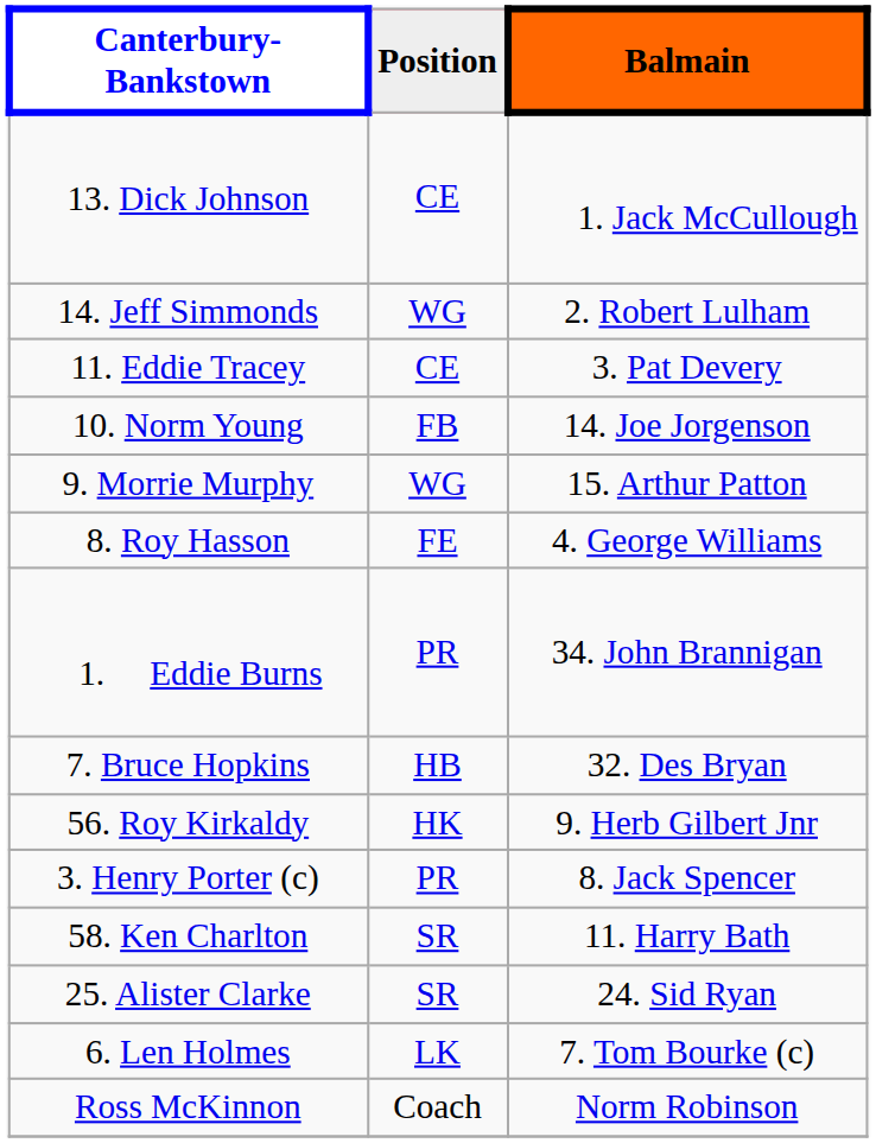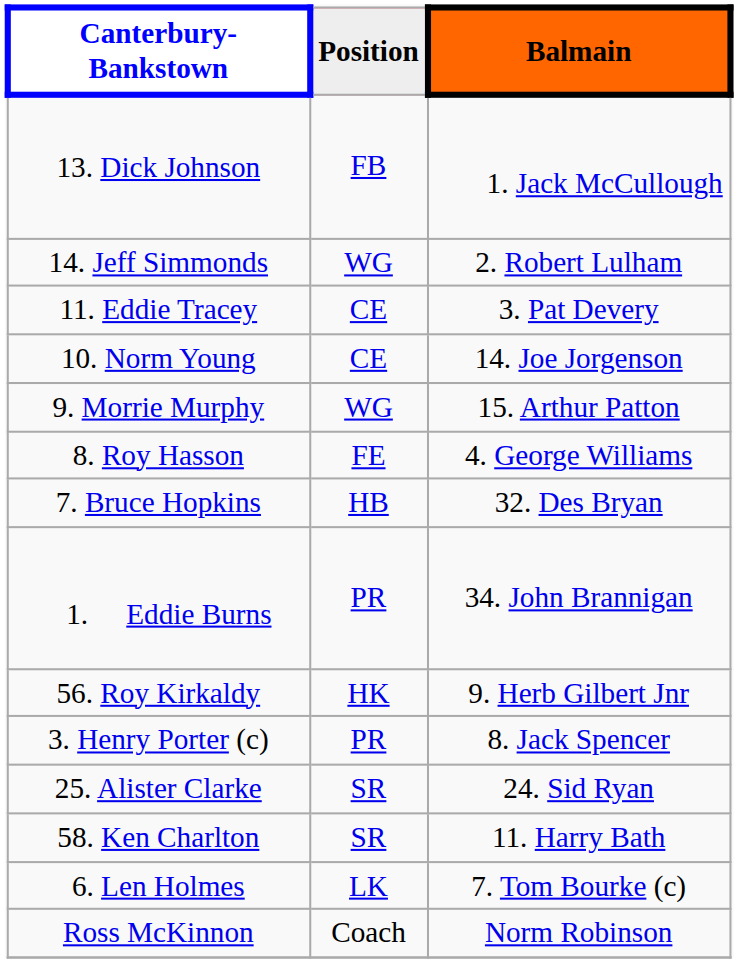 <table align="right" class="wikitable" style="font-size:90%; margin-left:1em">
 <tr bgcolor="#FF0033">
 <th style="width:140px; border:3px solid blue; background: white; color: blue">Canterbury-Bankstown</th>
 <th style="width:40px; text-align:center; background:#eee; color:black;">Position</th>
 <th style="width:140px; border:3px solid black; background: #f60; color: black">Balmain</th>
 </tr>
 <tr align=center>
 <td>13. <a href='#'>Dick Johnson</a></td>
-<td><a href='#'>CE</a></td>
+<td><a href='#'>FB</a></td>
 <td><br><ol><li><a href='#'>Jack McCullough</a></li></ol></td>
 </tr>
 <tr align=center>
 <td>14. <a href='#'>Jeff Simmonds</a></td>
 <td><a href='#'>WG</a></td>
 <td>2. <a href='#'>Robert Lulham</a></td>
 </tr>
 <tr align=center>
 <td>11. <a href='#'>Eddie Tracey</a></td>
 <td><a href='#'>CE</a></td>
 <td>3. <a href='#'>Pat Devery</a></td>
 </tr>
 <tr align=center>
 <td>10. <a href='#'>Norm Young</a></td>
-<td><a href='#'>FB</a></td>
+<td><a href='#'>CE</a></td>
 <td>14. <a href='#'>Joe Jorgenson</a></td>
 </tr>
 <tr align=center>
 <td>9. <a href='#'>Morrie Murphy</a></td>
 <td><a href='#'>WG</a></td>
 <td>15. <a href='#'>Arthur Patton</a></td>
 </tr>
 <tr align=center>
 <td>8. <a href='#'>Roy Hasson</a></td>
 <td><a href='#'>FE</a></td>
 <td>4. <a href='#'>George Williams</a></td>
 </tr>
 <tr align=center>
+<td>7. <a href='#'>Bruce Hopkins</a></td>
+<td><a href='#'>HB</a></td>
+<td>32. <a href='#'>Des Bryan</a></td>
+</tr>
+<tr align=center>
 <td><br><ol><li><a href='#'>Eddie Burns</a></li></ol></td>
 <td><a href='#'>PR</a></td>
 <td>34. <a href='#'>John Brannigan</a></td>
-</tr>
-<tr align=center>
-<td>7. <a href='#'>Bruce Hopkins</a></td>
-<td><a href='#'>HB</a></td>
-<td>32. <a href='#'>Des Bryan</a></td>
 </tr>
 <tr align=center>
 <td>56. <a href='#'>Roy Kirkaldy</a></td>
 <td><a href='#'>HK</a></td>
 <td>9. <a href='#'>Herb Gilbert Jnr</a></td>
 </tr>
 <tr align=center>
 <td>3. <a href='#'>Henry Porter</a> (c)</td>
 <td><a href='#'>PR</a></td>
 <td>8. <a href='#'>Jack Spencer</a></td>
 </tr>
 <tr align=center>
+<td>25. <a href='#'>Alister Clarke</a></td>
+<td><a href='#'>SR</a></td>
+<td>24. <a href='#'>Sid Ryan</a></td>
+</tr>
+<tr align=center>
 <td>58. <a href='#'>Ken Charlton</a></td>
 <td><a href='#'>SR</a></td>
 <td>11. <a href='#'>Harry Bath</a></td>
-</tr>
-<tr align=center>
-<td>25. <a href='#'>Alister Clarke</a></td>
-<td><a href='#'>SR</a></td>
-<td>24. <a href='#'>Sid Ryan</a></td>
 </tr>
 <tr align=center>
 <td>6. <a href='#'>Len Holmes</a></td>
 <td><a href='#'>LK</a></td>
 <td>7. <a href='#'>Tom Bourke</a> (c)</td>
 </tr>
 <tr align=center>
 <td><a href='#'>Ross McKinnon</a></td>
 <td>Coach</td>
 <td><a href='#'>Norm Robinson</a></td>
 </tr>
 <tr>
 </tr>
 </table>
